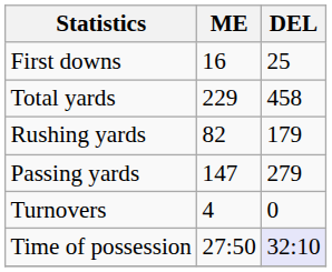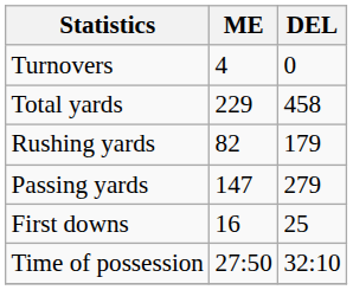 <table class="wikitable" style="float: left;">
 <tr>
 <th>Statistics</th>
 <th>ME</th>
 <th>DEL</th>
 </tr>
 <tr>
-<td>First downs</td>
-<td>16</td>
-<td>25</td>
+<td>Turnovers</td>
+<td>4</td>
+<td>0</td>
 </tr>
 <tr>
 <td>Total yards</td>
 <td>229</td>
 <td>458</td>
 </tr>
 <tr>
 <td>Rushing yards</td>
 <td>82</td>
 <td>179</td>
 </tr>
 <tr>
 <td>Passing yards</td>
 <td>147</td>
 <td>279</td>
 </tr>
 <tr>
-<td>Turnovers</td>
-<td>4</td>
-<td>0</td>
+<td>First downs</td>
+<td>16</td>
+<td>25</td>
 </tr>
 <tr>
 <td>Time of possession</td>
 <td>27:50</td>
-<td style="background: lavender;">32:10</td>
+<td>32:10</td>
 </tr>
 <tr>
 </tr>
 </table>
